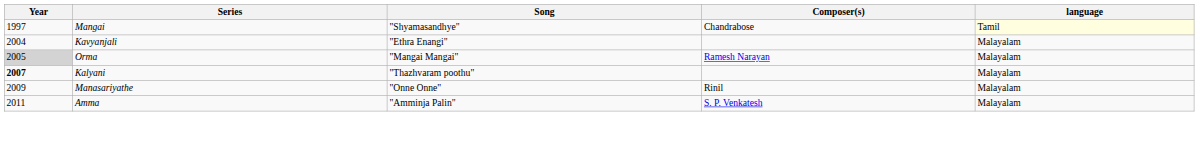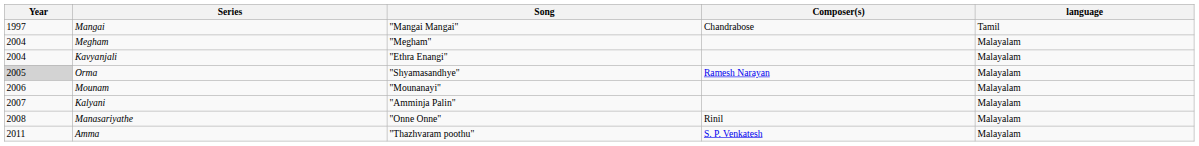 <table class="wikitable plainrowheaders" width="100%" textcolor:#000;">
 <tr style="background:#b0e0e66;">
 <th scope="col" width=5%><strong>Year</strong></th>
 <th scope="col" width=23%><strong>Series</strong></th>
 <th scope="col" width=23%><strong>Song</strong></th>
 <th scope="col" width=20%><strong>Composer(s)</strong></th>
 <th scope="col" width=16%><strong>language</strong></th>
 </tr>
 <tr>
 <td>1997</td>
 <td><em>Mangai</em></td>
-<td>"Shyamasandhye"</td>
+<td>"Mangai Mangai"</td>
 <td>Chandrabose</td>
-<td style="background: lightyellow;">Tamil</td>
+<td>Tamil</td>
+</tr>
+<tr>
+<td>2004</td>
+<td><em>Megham</em></td>
+<td>"Megham"</td>
+<td></td>
+<td>Malayalam</td>
 </tr>
 <tr>
 <td>2004</td>
 <td><em>Kavyanjali</em></td>
 <td>"Ethra Enangi"</td>
 <td></td>
 <td>Malayalam</td>
 </tr>
 <tr>
 <td style="background: lightgrey;">2005</td>
 <td><em>Orma</em></td>
-<td>"Mangai Mangai"</td>
+<td>"Shyamasandhye"</td>
 <td><a href='#'>Ramesh Narayan</a></td>
 <td>Malayalam</td>
 </tr>
 <tr>
-<td><strong>2007</strong></td>
-<td><em>Kalyani</em></td>
-<td>"Thazhvaram poothu"</td>
+<td>2006</td>
+<td><em>Mounam</em></td>
+<td>"Mounanayi"</td>
 <td></td>
 <td>Malayalam</td>
 </tr>
 <tr>
-<td>2009</td>
+<td>2007</td>
+<td><em>Kalyani</em></td>
+<td>"Amminja Palin"</td>
+<td></td>
+<td>Malayalam</td>
+</tr>
+<tr>
+<td>2008</td>
 <td><em>Manasariyathe</em></td>
 <td>"Onne Onne"</td>
 <td>Rinil</td>
 <td>Malayalam</td>
 </tr>
 <tr>
 <td>2011</td>
 <td><em>Amma</em></td>
-<td>"Amminja Palin"</td>
+<td>"Thazhvaram poothu"</td>
 <td><a href='#'>S. P. Venkatesh</a></td>
 <td>Malayalam</td>
 </tr>
 </table>
